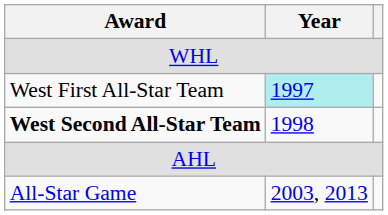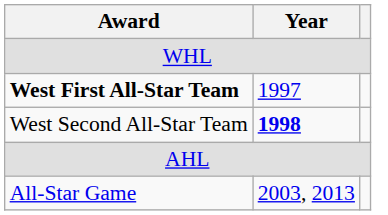 <table class="wikitable">
 <tr>
 <th>Award</th>
 <th>Year</th>
 <th></th>
 </tr>
 <tr ALIGN="center" bgcolor="#e0e0e0">
 <td colspan="3"><a href='#'>WHL</a></td>
 </tr>
 <tr>
-<td>West First All-Star Team</td>
-<td style="background: paleturquoise;"><a href='#'>1997</a></td>
+<td><strong>West First All-Star Team</strong></td>
+<td><a href='#'>1997</a></td>
 <td></td>
 </tr>
 <tr>
-<td><strong>West Second All-Star Team</strong></td>
-<td><a href='#'>1998</a></td>
+<td>West Second All-Star Team</td>
+<td><strong><a href='#'>1998</a></strong></td>
 <td></td>
 </tr>
 <tr ALIGN="center" bgcolor="#e0e0e0">
 <td colspan="3"><a href='#'>AHL</a></td>
 </tr>
 <tr>
 <td><a href='#'>All-Star Game</a></td>
 <td><a href='#'>2003</a>, <a href='#'>2013</a></td>
 <td></td>
 </tr>
 </table>
